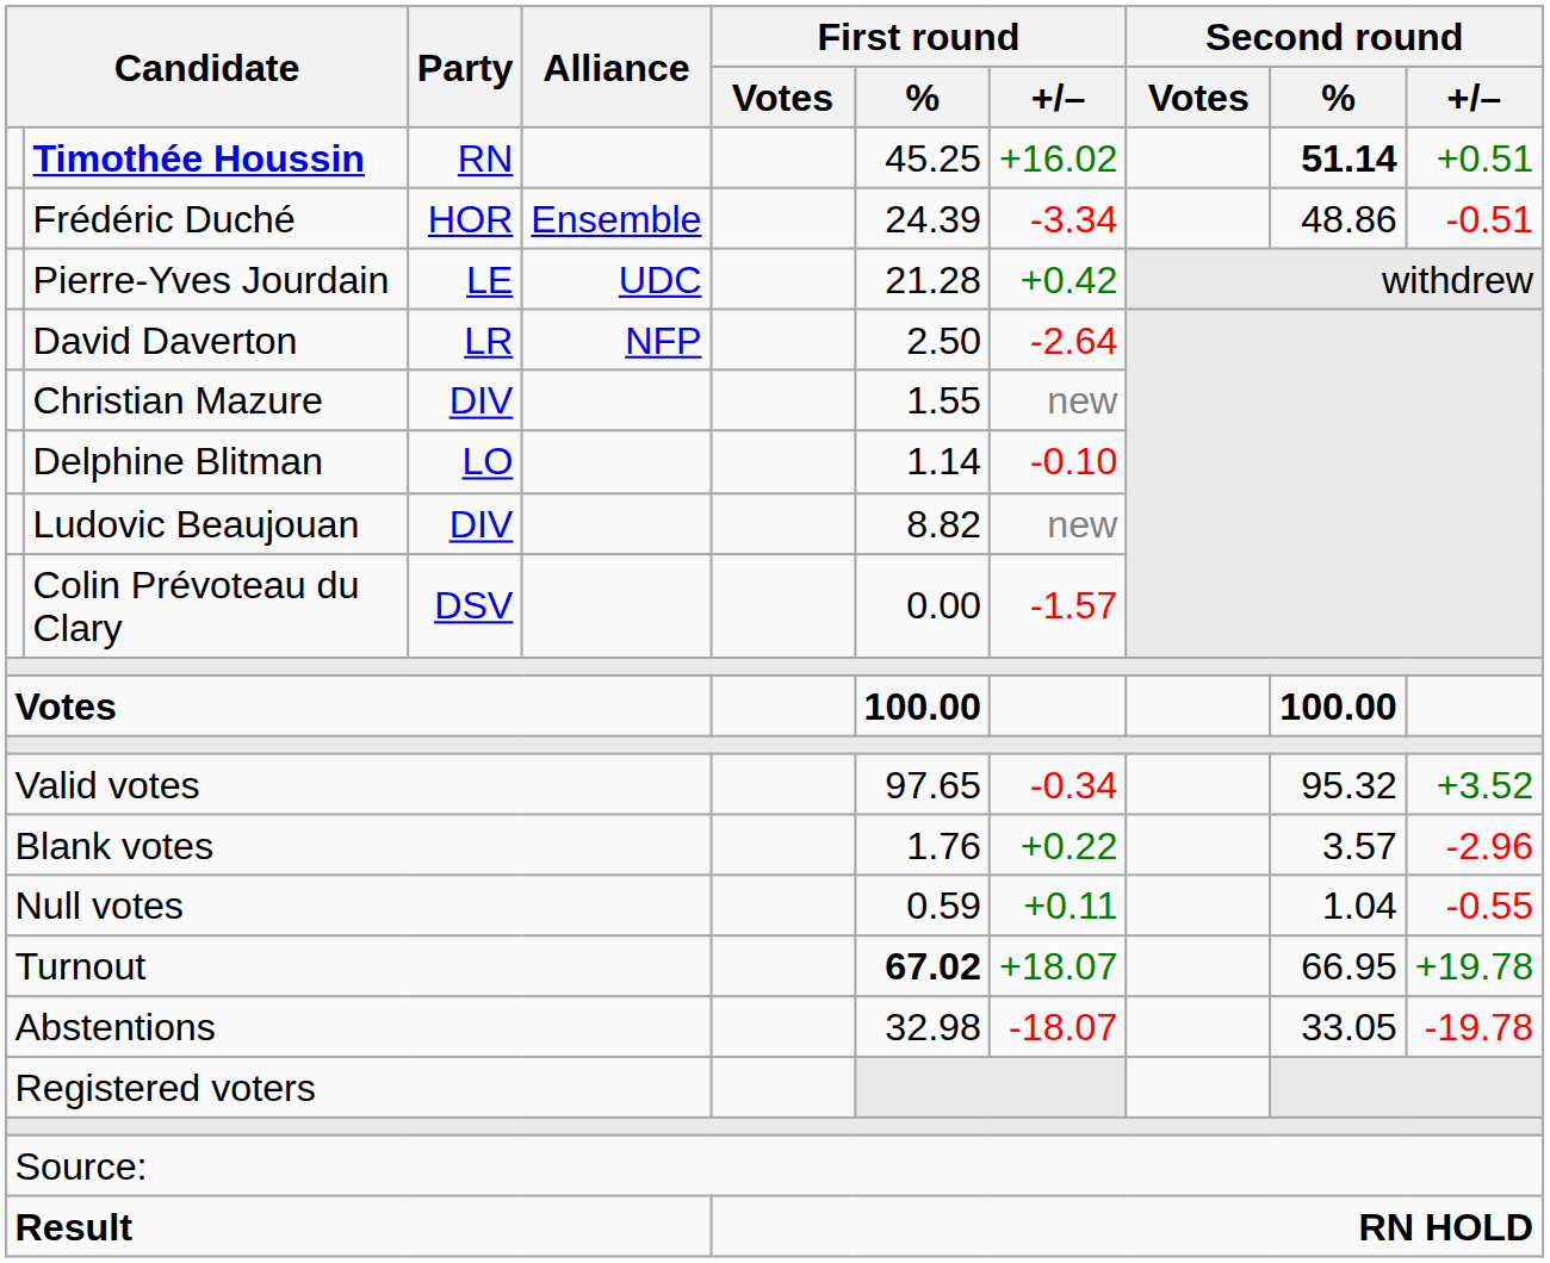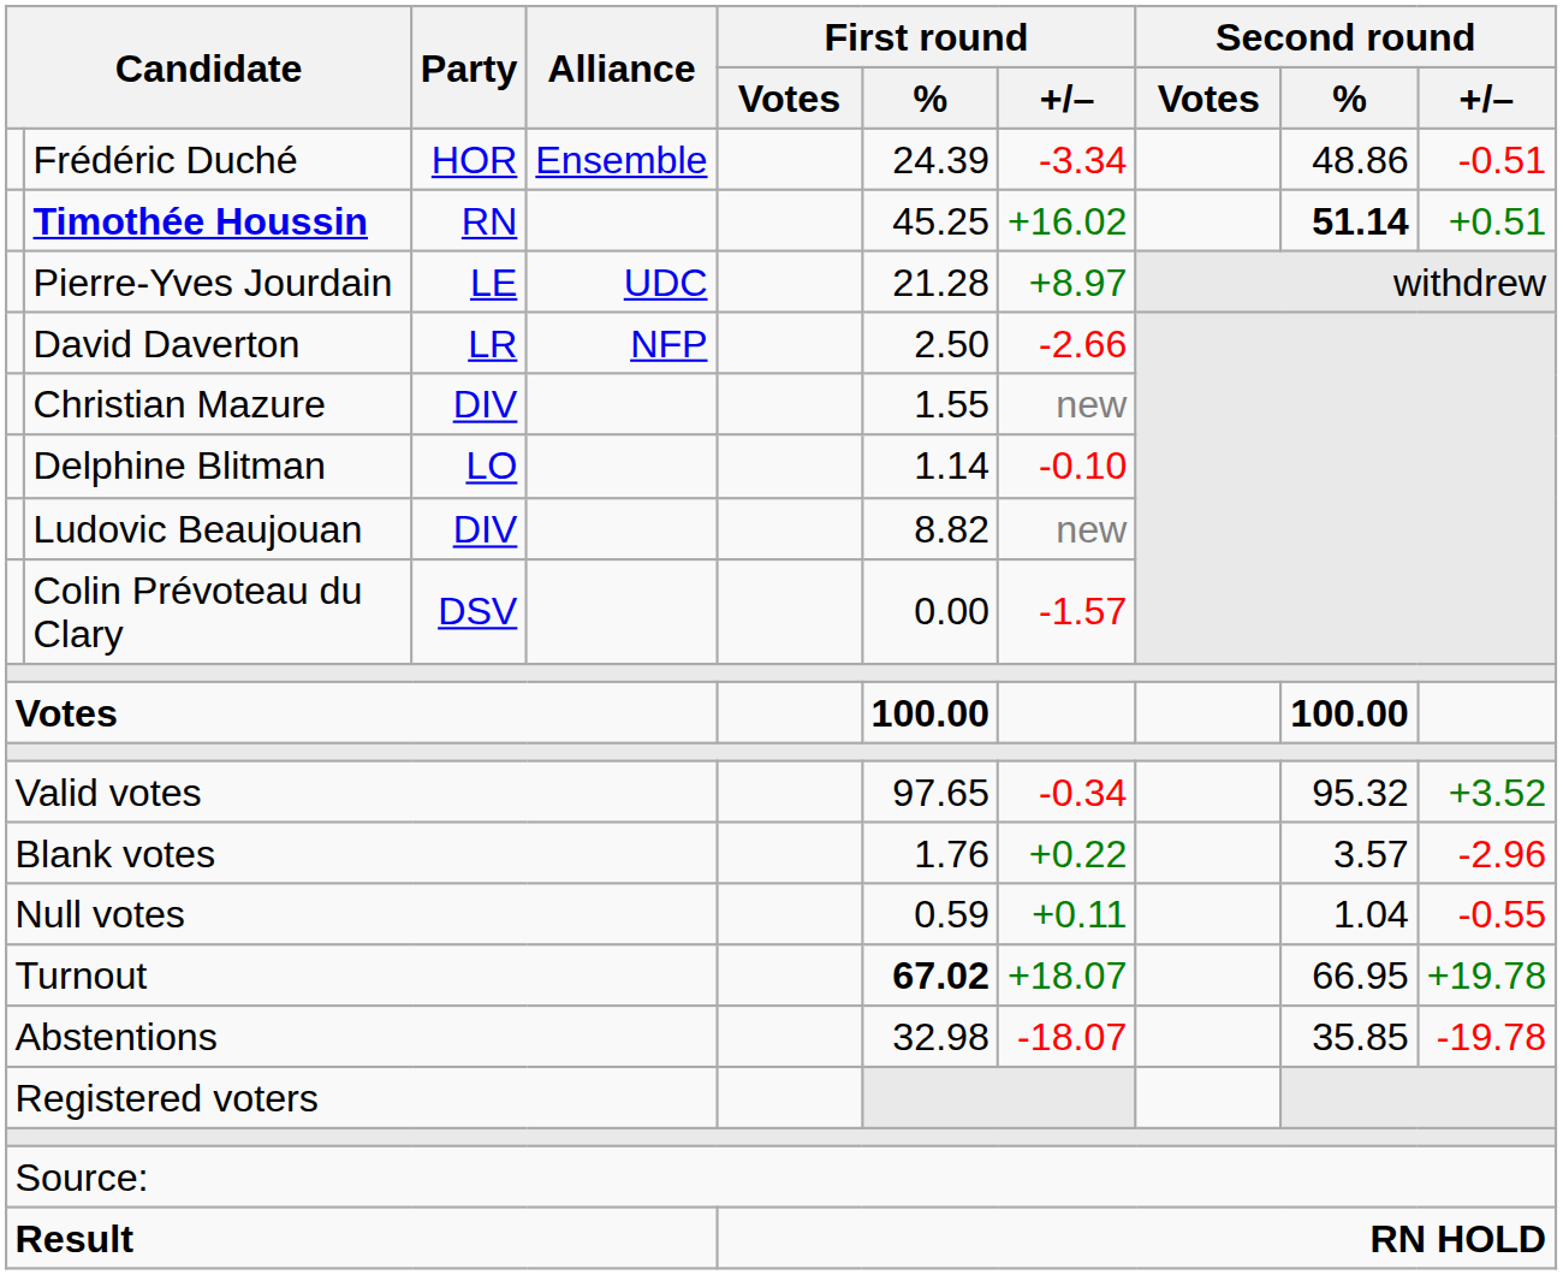 <table class="wikitable" style="text-align:right;font-size:95%;">
 <tr>
 <th rowspan="2" colspan="2">Candidate</th>
 <th colspan="1" rowspan="2">Party</th>
 <th colspan="1" rowspan="2">Alliance</th>
 <th colspan="3">First round</th>
 <th colspan="3">Second round</th>
 </tr>
 <tr>
 <th style="width:50px;">Votes</th>
 <th style="width:45px;">%</th>
 <th style="width:45px;">+/–</th>
 <th style="width:50px;">Votes</th>
 <th style="width:45px;">%</th>
 <th style="width:45px;">+/–</th>
 </tr>
 <tr>
 <td style="color:inherit;background:"></td>
+<td style="text-align:left;">Frédéric Duché</td>
+<td><a href='#'>HOR</a></td>
+<td><a href='#'>Ensemble</a></td>
+<td></td>
+<td>24.39</td>
+<td style="color:red;">-3.34</td>
+<td></td>
+<td>48.86</td>
+<td style="color:red;">-0.51</td>
+</tr>
+<tr>
+<td style="color:inherit;background:"></td>
 <td style="text-align:left;"><strong><a href='#'>Timothée Houssin</a></strong></td>
 <td><a href='#'>RN</a></td>
 <td></td>
 <td></td>
 <td>45.25</td>
 <td style="color:green;">+16.02</td>
 <td><strong></strong></td>
 <td><strong>51.14</strong></td>
 <td style="color:green;">+0.51</td>
 </tr>
 <tr>
 <td style="color:inherit;background:"></td>
-<td style="text-align:left;">Frédéric Duché</td>
-<td><a href='#'>HOR</a></td>
-<td><a href='#'>Ensemble</a></td>
-<td></td>
-<td>24.39</td>
-<td style="color:red;">-3.34</td>
-<td></td>
-<td>48.86</td>
-<td style="color:red;">-0.51</td>
-</tr>
-<tr>
-<td style="color:inherit;background:"></td>
 <td style="text-align:left;">Pierre-Yves Jourdain</td>
 <td><a href='#'>LE</a></td>
 <td><a href='#'>UDC</a></td>
 <td></td>
 <td>21.28</td>
-<td style="color:green;">+0.42</td>
+<td style="color:green;">+8.97</td>
 <td colspan="3" rowspan="1" style="background:#E9E9E9;">withdrew</td>
 </tr>
 <tr>
 <td style="color:inherit;background:"></td>
 <td style="text-align:left;">David Daverton</td>
 <td><a href='#'>LR</a></td>
 <td><a href='#'>NFP</a></td>
 <td></td>
 <td>2.50</td>
-<td style="color:red;">-2.64</td>
+<td style="color:red;">-2.66</td>
 <td colspan="3" rowspan="5" style="background:#E9E9E9;"></td>
 </tr>
 <tr>
 <td style="color:inherit;background:"></td>
 <td style="text-align:left;">Christian Mazure</td>
 <td><a href='#'>DIV</a></td>
 <td></td>
 <td></td>
 <td>1.55</td>
 <td style="color:grey;">new</td>
 </tr>
 <tr>
 <td style="color:inherit;background:"></td>
 <td style="text-align:left;">Delphine Blitman</td>
 <td><a href='#'>LO</a></td>
 <td></td>
 <td></td>
 <td>1.14</td>
 <td style="color:red;">-0.10</td>
 </tr>
 <tr>
 <td style="color:inherit;background:"></td>
 <td style="text-align:left;">Ludovic Beaujouan</td>
 <td><a href='#'>DIV</a></td>
 <td></td>
 <td></td>
 <td>8.82</td>
 <td style="color:grey;">new</td>
 </tr>
 <tr>
 <td style="color:inherit;background:"></td>
 <td style="text-align:left;">Colin Prévoteau du Clary</td>
 <td><a href='#'>DSV</a></td>
 <td></td>
 <td></td>
 <td>0.00</td>
 <td style="color:red;">-1.57</td>
 </tr>
 <tr>
 <td colspan="10" style="background:#E9E9E9;"></td>
 </tr>
 <tr style="font-weight:bold;">
 <td colspan="4" style="text-align:left;">Votes</td>
 <td></td>
 <td>100.00</td>
 <td></td>
 <td></td>
 <td>100.00</td>
 <td></td>
 </tr>
 <tr>
 <td colspan="10" style="background:#E9E9E9;"></td>
 </tr>
 <tr>
 <td colspan="4" style="text-align:left;">Valid votes</td>
 <td></td>
 <td>97.65</td>
 <td style="color:red;">-0.34</td>
 <td></td>
 <td>95.32</td>
 <td style="color:green;">+3.52</td>
 </tr>
 <tr>
 <td colspan="4" style="text-align:left;">Blank votes</td>
 <td></td>
 <td>1.76</td>
 <td style="color:green;">+0.22</td>
 <td></td>
 <td>3.57</td>
 <td style="color:red;">-2.96</td>
 </tr>
 <tr>
 <td colspan="4" style="text-align:left;">Null votes</td>
 <td></td>
 <td>0.59</td>
 <td style="color:green;">+0.11</td>
 <td></td>
 <td>1.04</td>
 <td style="color:red;">-0.55</td>
 </tr>
 <tr>
 <td colspan="4" style="text-align:left;">Turnout</td>
 <td></td>
 <td><strong>67.02</strong></td>
 <td style="color:green;">+18.07</td>
 <td></td>
 <td>66.95</td>
 <td style="color:green;">+19.78</td>
 </tr>
 <tr>
 <td colspan="4" style="text-align:left;">Abstentions</td>
 <td></td>
 <td>32.98</td>
 <td style="color:red;">-18.07</td>
 <td></td>
-<td>33.05</td>
+<td>35.85</td>
 <td style="color:red;">-19.78</td>
 </tr>
 <tr>
 <td colspan="4" style="text-align:left;">Registered voters</td>
 <td></td>
 <td colspan="2" style="background:#E9E9E9;"></td>
 <td></td>
 <td colspan="2" style="background:#E9E9E9;"></td>
 </tr>
 <tr>
 <td colspan="10" style="background:#E9E9E9;"></td>
 </tr>
 <tr>
 <td colspan="10" style="text-align:left;">Source: </td>
 </tr>
 <tr style="font-weight:bold">
 <td colspan="4" style="text-align:left;">Result</td>
 <td colspan="6" style="background-color:">RN HOLD</td>
 </tr>
 </table>
